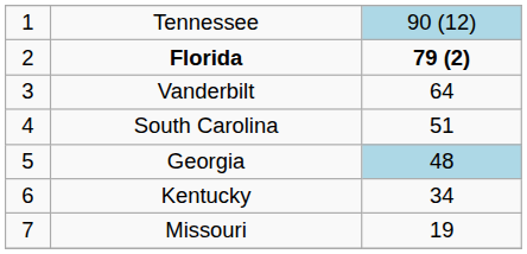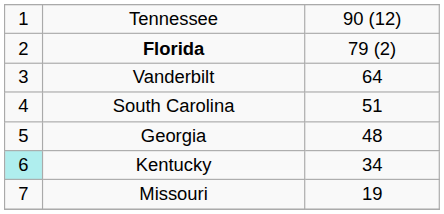 <table class="wikitable" style="width: 30%;text-align: center;">
 <tr align="center">
 </tr>
 <tr>
 <td>1</td>
 <td>Tennessee</td>
-<td style="background: lightblue;">90 (12)</td>
+<td>90 (12)</td>
 </tr>
 <tr>
 <td>2</td>
 <td><strong>Florida</strong></td>
-<td><strong>79 (2)</strong></td>
+<td>79 (2)</td>
 </tr>
 <tr>
 <td>3</td>
 <td>Vanderbilt</td>
 <td>64</td>
 </tr>
 <tr>
 <td>4</td>
 <td>South Carolina</td>
 <td>51</td>
 </tr>
 <tr>
 <td>5</td>
 <td>Georgia</td>
-<td style="background: lightblue;">48</td>
+<td>48</td>
 </tr>
 <tr>
-<td>6</td>
+<td style="background: paleturquoise;">6</td>
 <td>Kentucky</td>
 <td>34</td>
 </tr>
 <tr>
 <td>7</td>
 <td>Missouri</td>
 <td>19</td>
 </tr>
 <tr>
 </tr>
 </table>
